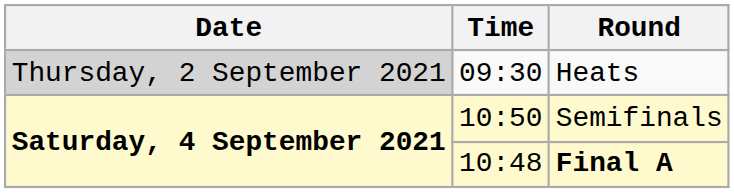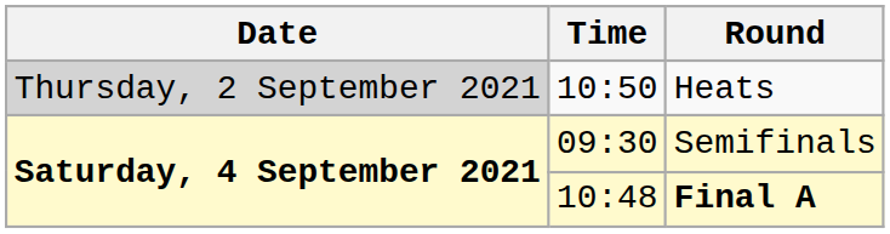 <table class="wikitable">
 <tr>
 <th>Date</th>
 <th>Time</th>
 <th>Round</th>
 </tr>
 <tr>
 <td style="background: lightgrey;">Thursday, 2 September 2021</td>
-<td>09:30</td>
+<td>10:50</td>
 <td>Heats</td>
 </tr>
 <tr style=background:lemonchiffon>
 <td rowspan=2><strong>Saturday, 4 September 2021</strong></td>
-<td>10:50</td>
+<td>09:30</td>
 <td>Semifinals</td>
 </tr>
 <tr style=background:lemonchiffon>
 <td>10:48</td>
 <td><strong>Final A</strong></td>
 </tr>
 </table>
